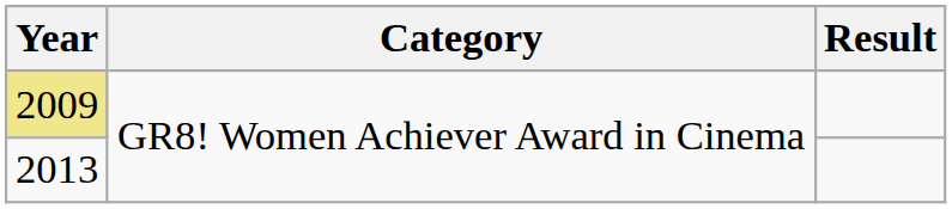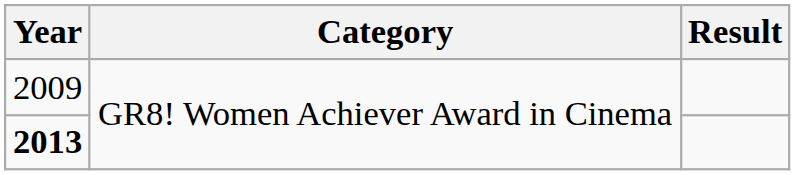 <table class="wikitable sortable">
 <tr>
 <th>Year</th>
 <th>Category</th>
 <th>Result</th>
 </tr>
 <tr>
-<td style="background: khaki;">2009</td>
+<td>2009</td>
 <td rowspan="2">GR8! Women Achiever Award in Cinema</td>
 <td></td>
 </tr>
 <tr>
-<td>2013</td>
+<td><strong>2013</strong></td>
 <td></td>
 </tr>
 </table>
